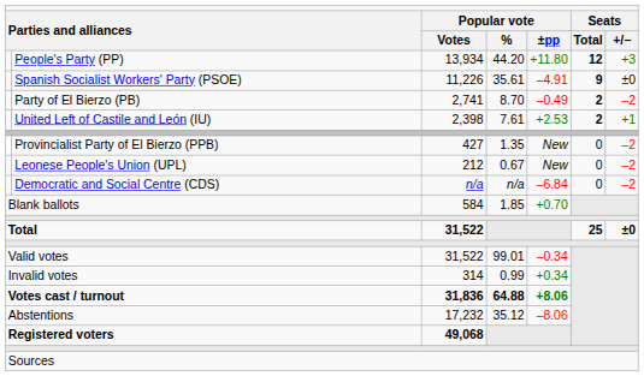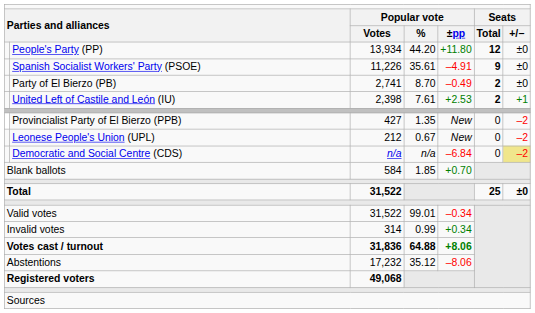 <table class="wikitable" style="text-align:right;">
 <tr>
 <td colspan="7"></td>
 </tr>
 <tr>
 <th style="text-align:left;" rowspan="2" colspan="2" width="525">Parties and alliances</th>
 <th colspan="3">Popular vote</th>
 <th colspan="2">Seats</th>
 </tr>
 <tr>
 <th width="75">Votes</th>
 <th width="45">%</th>
 <th width="45">±<a href='#'>pp</a></th>
 <th width="35">Total</th>
 <th width="35">+/−</th>
 </tr>
 <tr>
 <td width="1" style="color:inherit;background:"></td>
 <td align="left"><a href='#'>People's Party</a> (PP)</td>
 <td>13,934</td>
 <td>44.20</td>
 <td style="color:green;">+11.80</td>
 <td><strong>12</strong></td>
-<td style="color:green;">+3</td>
+<td>±0</td>
 </tr>
 <tr>
 <td style="color:inherit;background:"></td>
 <td align="left"><a href='#'>Spanish Socialist Workers' Party</a> (PSOE)</td>
 <td>11,226</td>
 <td>35.61</td>
 <td style="color:red;">–4.91</td>
 <td><strong>9</strong></td>
 <td>±0</td>
 </tr>
 <tr>
 <td style="color:inherit;background:"></td>
 <td align="left">Party of El Bierzo (PB)</td>
 <td>2,741</td>
 <td>8.70</td>
 <td style="color:red;">–0.49</td>
 <td><strong>2</strong></td>
-<td style="color:red;">–2</td>
+<td>±0</td>
 </tr>
 <tr>
 <td style="color:inherit;background:"></td>
 <td align="left"><a href='#'>United Left of Castile and León</a> (IU)</td>
 <td>2,398</td>
 <td>7.61</td>
 <td style="color:green;">+2.53</td>
 <td><strong>2</strong></td>
 <td style="color:green;">+1</td>
 </tr>
 <tr>
 <td colspan="7" bgcolor="#C0C0C0"></td>
 </tr>
 <tr>
 <td bgcolor="white"></td>
 <td align="left">Provincialist Party of El Bierzo (PPB)</td>
 <td>427</td>
 <td>1.35</td>
 <td><em>New</em></td>
 <td>0</td>
 <td style="color:red;">–2</td>
 </tr>
 <tr>
 <td style="color:inherit;background:"></td>
 <td align="left"><a href='#'>Leonese People's Union</a> (UPL)</td>
 <td>212</td>
 <td>0.67</td>
 <td><em>New</em></td>
 <td>0</td>
 <td style="color:red;">–2</td>
 </tr>
 <tr>
 <td style="color:inherit;background:"></td>
 <td align="left"><a href='#'>Democratic and Social Centre</a> (CDS)</td>
 <td><em><a href='#'>n/a</a></em></td>
 <td><em>n/a</em></td>
 <td style="color:red;">–6.84</td>
 <td>0</td>
-<td style="color:red;">–2</td>
+<td style="background: khaki; color:red;">–2</td>
 </tr>
 <tr>
 <td align="left" colspan="2">Blank ballots</td>
 <td>584</td>
 <td>1.85</td>
 <td style="color:green;">+0.70</td>
 <td bgcolor="#E9E9E9" colspan="2"></td>
 </tr>
 <tr>
 <td colspan="7" bgcolor="#E9E9E9"></td>
 </tr>
 <tr style="font-weight:bold;">
 <td align="left" colspan="2">Total</td>
 <td>31,522</td>
 <td bgcolor="#E9E9E9" colspan="2"></td>
 <td>25</td>
 <td>±0</td>
 </tr>
 <tr>
 <td colspan="7" bgcolor="#E9E9E9"></td>
 </tr>
 <tr>
 <td align="left" colspan="2">Valid votes</td>
 <td>31,522</td>
 <td>99.01</td>
 <td style="color:red;">–0.34</td>
 <td bgcolor="#E9E9E9" colspan="2" rowspan="5"></td>
 </tr>
 <tr>
 <td align="left" colspan="2">Invalid votes</td>
 <td>314</td>
 <td>0.99</td>
 <td style="color:green;">+0.34</td>
 </tr>
 <tr style="font-weight:bold;">
 <td align="left" colspan="2">Votes cast / turnout</td>
 <td>31,836</td>
 <td>64.88</td>
 <td style="color:green;">+8.06</td>
 </tr>
 <tr>
 <td align="left" colspan="2">Abstentions</td>
 <td>17,232</td>
 <td>35.12</td>
 <td style="color:red;">–8.06</td>
 </tr>
 <tr style="font-weight:bold;">
 <td align="left" colspan="2">Registered voters</td>
 <td>49,068</td>
 <td bgcolor="#E9E9E9" colspan="2"></td>
 </tr>
 <tr>
 <td colspan="7" bgcolor="#E9E9E9"></td>
 </tr>
 <tr>
 <td align="left" colspan="7">Sources</td>
 </tr>
 </table>
